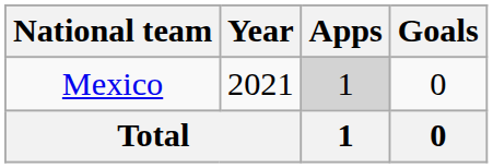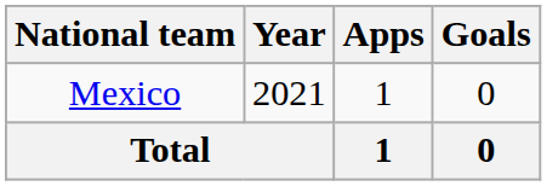 <table class="wikitable" style="text-align: center;">
 <tr>
 <th>National team</th>
 <th>Year</th>
 <th>Apps</th>
 <th>Goals</th>
 </tr>
 <tr>
 <td rowspan="1" valign="center"><a href='#'>Mexico</a></td>
 <td>2021</td>
-<td style="background: lightgrey;">1</td>
+<td>1</td>
 <td>0</td>
 </tr>
 <tr>
 <th colspan="2">Total</th>
 <th>1</th>
 <th>0</th>
 </tr>
 </table>
